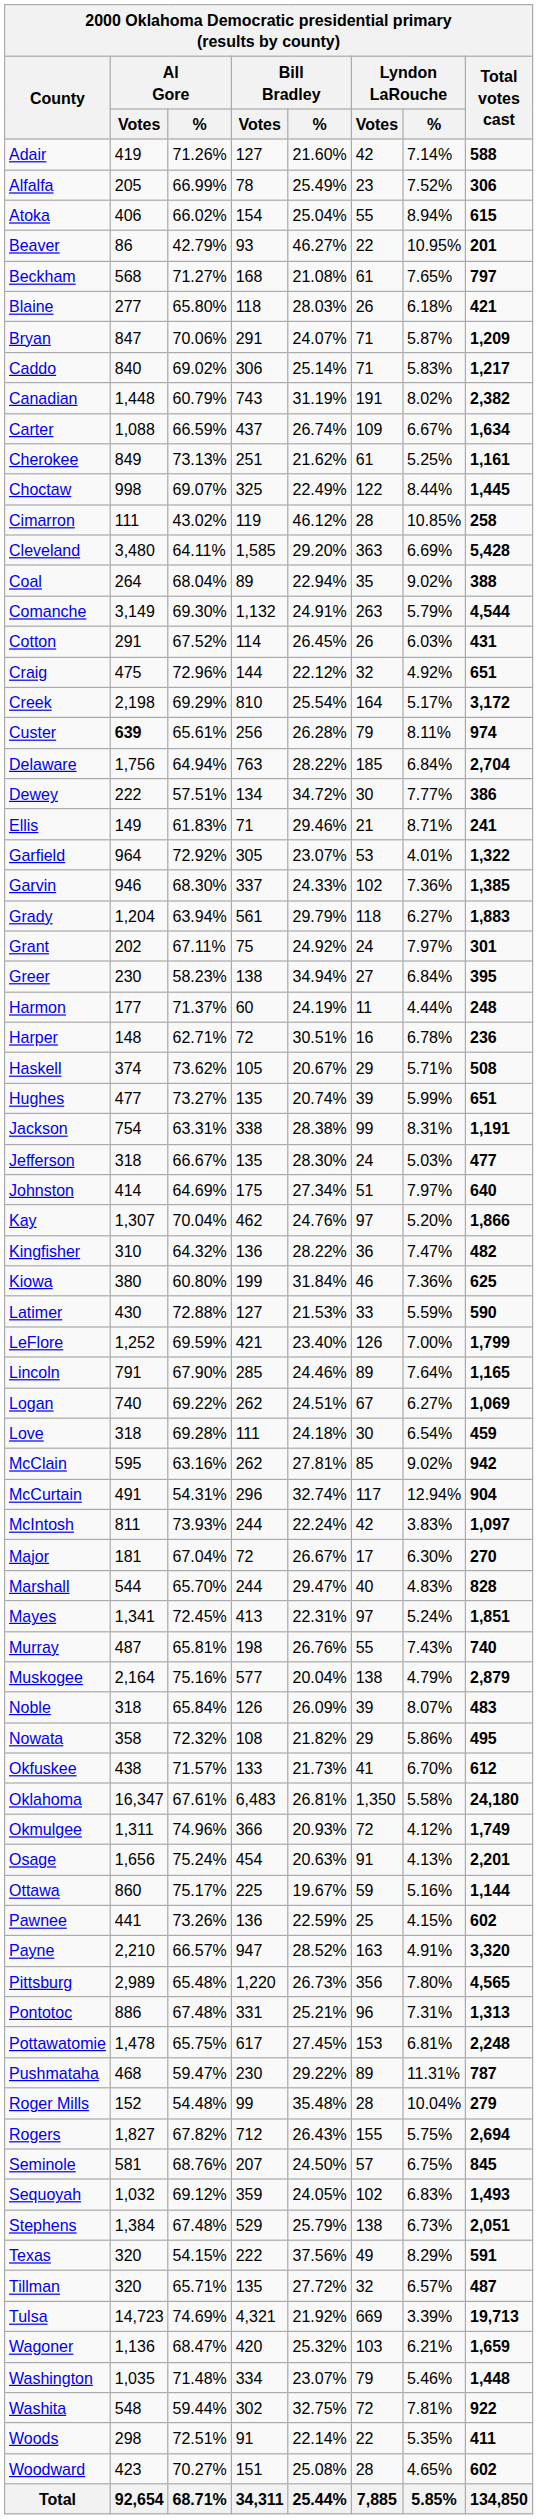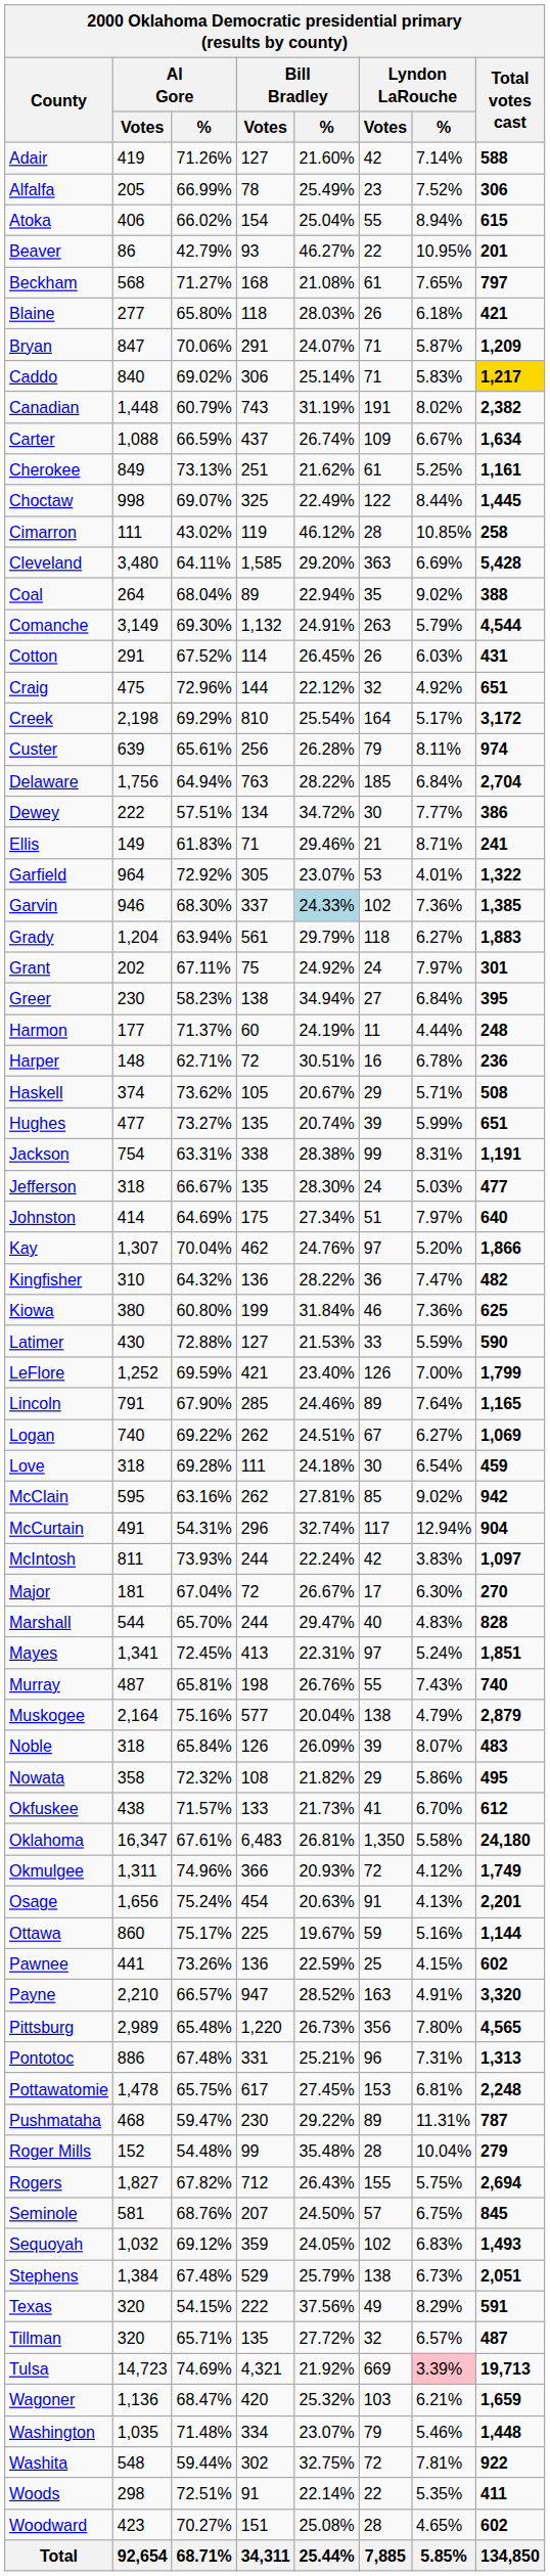 <table class="wikitable sortable mw-collapsible mw-collapsed">
 <tr>
 <th colspan="8"><small>2000 Oklahoma Democratic presidential primary<br>(results by county)</small></th>
 </tr>
 <tr>
 <th rowspan="2"><small>County</small></th>
 <th colspan="2"><small>Al<br>Gore</small></th>
 <th colspan="2"><small>Bill<br>Bradley</small></th>
 <th colspan="2"><small>Lyndon<br>LaRouche</small></th>
 <th rowspan="2"><small>Total<br>votes<br>cast</small></th>
 </tr>
 <tr>
 <th><small>Votes</small></th>
 <th><small>%</small></th>
 <th><small>Votes</small></th>
 <th><small>%</small></th>
 <th><small>Votes</small></th>
 <th><small>%</small></th>
 </tr>
 <tr>
 <td><small><a href='#'>Adair</a></small></td>
 <td><small>419</small></td>
 <td><small>71.26%</small></td>
 <td><small>127</small></td>
 <td><small>21.60%</small></td>
 <td><small>42</small></td>
 <td><small>7.14%</small></td>
 <td><strong><small>588</small></strong></td>
 </tr>
 <tr>
 <td><small><a href='#'>Alfalfa</a></small></td>
 <td><small>205</small></td>
 <td><small>66.99%</small></td>
 <td><small>78</small></td>
 <td><small>25.49%</small></td>
 <td><small>23</small></td>
 <td><small>7.52%</small></td>
 <td><strong><small>306</small></strong></td>
 </tr>
 <tr>
 <td><small><a href='#'>Atoka</a></small></td>
 <td><small>406</small></td>
 <td><small>66.02%</small></td>
 <td><small>154</small></td>
 <td><small>25.04%</small></td>
 <td><small>55</small></td>
 <td><small>8.94%</small></td>
 <td><strong><small>615</small></strong></td>
 </tr>
 <tr>
 <td><small><a href='#'>Beaver</a></small></td>
 <td><small>86</small></td>
 <td><small>42.79%</small></td>
 <td><small>93</small></td>
 <td><small>46.27%</small></td>
 <td><small>22</small></td>
 <td><small>10.95%</small></td>
 <td><strong><small>201</small></strong></td>
 </tr>
 <tr>
 <td><small><a href='#'>Beckham</a></small></td>
 <td><small>568</small></td>
 <td><small>71.27%</small></td>
 <td><small>168</small></td>
 <td><small>21.08%</small></td>
 <td><small>61</small></td>
 <td><small>7.65%</small></td>
 <td><strong><small>797</small></strong></td>
 </tr>
 <tr>
 <td><small><a href='#'>Blaine</a></small></td>
 <td><small>277</small></td>
 <td><small>65.80%</small></td>
 <td><small>118</small></td>
 <td><small>28.03%</small></td>
 <td><small>26</small></td>
 <td><small>6.18%</small></td>
 <td><strong><small>421</small></strong></td>
 </tr>
 <tr>
 <td><small><a href='#'>Bryan</a></small></td>
 <td><small>847</small></td>
 <td><small>70.06%</small></td>
 <td><small>291</small></td>
 <td><small>24.07%</small></td>
 <td><small>71</small></td>
 <td><small>5.87%</small></td>
 <td><strong><small>1,209</small></strong></td>
 </tr>
 <tr>
 <td><small><a href='#'>Caddo</a></small></td>
 <td><small>840</small></td>
 <td><small>69.02%</small></td>
 <td><small>306</small></td>
 <td><small>25.14%</small></td>
 <td><small>71</small></td>
 <td><small>5.83%</small></td>
-<td><strong><small>1,217</small></strong></td>
+<td style="background: gold;"><strong><small>1,217</small></strong></td>
 </tr>
 <tr>
 <td><small><a href='#'>Canadian</a></small></td>
 <td><small>1,448</small></td>
 <td><small>60.79%</small></td>
 <td><small>743</small></td>
 <td><small>31.19%</small></td>
 <td><small>191</small></td>
 <td><small>8.02%</small></td>
 <td><strong><small>2,382</small></strong></td>
 </tr>
 <tr>
 <td><small><a href='#'>Carter</a></small></td>
 <td><small>1,088</small></td>
 <td><small>66.59%</small></td>
 <td><small>437</small></td>
 <td><small>26.74%</small></td>
 <td><small>109</small></td>
 <td><small>6.67%</small></td>
 <td><strong><small>1,634</small></strong></td>
 </tr>
 <tr>
 <td><small><a href='#'>Cherokee</a></small></td>
 <td><small>849</small></td>
 <td><small>73.13%</small></td>
 <td><small>251</small></td>
 <td><small>21.62%</small></td>
 <td><small>61</small></td>
 <td><small>5.25%</small></td>
 <td><strong><small>1,161</small></strong></td>
 </tr>
 <tr>
 <td><small><a href='#'>Choctaw</a></small></td>
 <td><small>998</small></td>
 <td><small>69.07%</small></td>
 <td><small>325</small></td>
 <td><small>22.49%</small></td>
 <td><small>122</small></td>
 <td><small>8.44%</small></td>
 <td><strong><small>1,445</small></strong></td>
 </tr>
 <tr>
 <td><small><a href='#'>Cimarron</a></small></td>
 <td><small>111</small></td>
 <td><small>43.02%</small></td>
 <td><small>119</small></td>
 <td><small>46.12%</small></td>
 <td><small>28</small></td>
 <td><small>10.85%</small></td>
 <td><strong><small>258</small></strong></td>
 </tr>
 <tr>
 <td><small><a href='#'>Cleveland</a></small></td>
 <td><small>3,480</small></td>
 <td><small>64.11%</small></td>
 <td><small>1,585</small></td>
 <td><small>29.20%</small></td>
 <td><small>363</small></td>
 <td><small>6.69%</small></td>
 <td><strong><small>5,428</small></strong></td>
 </tr>
 <tr>
 <td><small><a href='#'>Coal</a></small></td>
 <td><small>264</small></td>
 <td><small>68.04%</small></td>
 <td><small>89</small></td>
 <td><small>22.94%</small></td>
 <td><small>35</small></td>
 <td><small>9.02%</small></td>
 <td><strong><small>388</small></strong></td>
 </tr>
 <tr>
 <td><small><a href='#'>Comanche</a></small></td>
 <td><small>3,149</small></td>
 <td><small>69.30%</small></td>
 <td><small>1,132</small></td>
 <td><small>24.91%</small></td>
 <td><small>263</small></td>
 <td><small>5.79%</small></td>
 <td><strong><small>4,544</small></strong></td>
 </tr>
 <tr>
 <td><small><a href='#'>Cotton</a></small></td>
 <td><small>291</small></td>
 <td><small>67.52%</small></td>
 <td><small>114</small></td>
 <td><small>26.45%</small></td>
 <td><small>26</small></td>
 <td><small>6.03%</small></td>
 <td><strong><small>431</small></strong></td>
 </tr>
 <tr>
 <td><small><a href='#'>Craig</a></small></td>
 <td><small>475</small></td>
 <td><small>72.96%</small></td>
 <td><small>144</small></td>
 <td><small>22.12%</small></td>
 <td><small>32</small></td>
 <td><small>4.92%</small></td>
 <td><strong><small>651</small></strong></td>
 </tr>
 <tr>
 <td><small><a href='#'>Creek</a></small></td>
 <td><small>2,198</small></td>
 <td><small>69.29%</small></td>
 <td><small>810</small></td>
 <td><small>25.54%</small></td>
 <td><small>164</small></td>
 <td><small>5.17%</small></td>
 <td><strong><small>3,172</small></strong></td>
 </tr>
 <tr>
 <td><small><a href='#'>Custer</a></small></td>
-<td><strong><small>639</small></strong></td>
+<td><small>639</small></td>
 <td><small>65.61%</small></td>
 <td><small>256</small></td>
 <td><small>26.28%</small></td>
 <td><small>79</small></td>
 <td><small>8.11%</small></td>
 <td><strong><small>974</small></strong></td>
 </tr>
 <tr>
 <td><small><a href='#'>Delaware</a></small></td>
 <td><small>1,756</small></td>
 <td><small>64.94%</small></td>
 <td><small>763</small></td>
 <td><small>28.22%</small></td>
 <td><small>185</small></td>
 <td><small>6.84%</small></td>
 <td><strong><small>2,704</small></strong></td>
 </tr>
 <tr>
 <td><small><a href='#'>Dewey</a></small></td>
 <td><small>222</small></td>
 <td><small>57.51%</small></td>
 <td><small>134</small></td>
 <td><small>34.72%</small></td>
 <td><small>30</small></td>
 <td><small>7.77%</small></td>
 <td><strong><small>386</small></strong></td>
 </tr>
 <tr>
 <td><small><a href='#'>Ellis</a></small></td>
 <td><small>149</small></td>
 <td><small>61.83%</small></td>
 <td><small>71</small></td>
 <td><small>29.46%</small></td>
 <td><small>21</small></td>
 <td><small>8.71%</small></td>
 <td><strong><small>241</small></strong></td>
 </tr>
 <tr>
 <td><small><a href='#'>Garfield</a></small></td>
 <td><small>964</small></td>
 <td><small>72.92%</small></td>
 <td><small>305</small></td>
 <td><small>23.07%</small></td>
 <td><small>53</small></td>
 <td><small>4.01%</small></td>
 <td><strong><small>1,322</small></strong></td>
 </tr>
 <tr>
 <td><small><a href='#'>Garvin</a></small></td>
 <td><small>946</small></td>
 <td><small>68.30%</small></td>
 <td><small>337</small></td>
-<td><small>24.33%</small></td>
+<td style="background: lightblue;"><small>24.33%</small></td>
 <td><small>102</small></td>
 <td><small>7.36%</small></td>
 <td><strong><small>1,385</small></strong></td>
 </tr>
 <tr>
 <td><small><a href='#'>Grady</a></small></td>
 <td><small>1,204</small></td>
 <td><small>63.94%</small></td>
 <td><small>561</small></td>
 <td><small>29.79%</small></td>
 <td><small>118</small></td>
 <td><small>6.27%</small></td>
 <td><strong><small>1,883</small></strong></td>
 </tr>
 <tr>
 <td><small><a href='#'>Grant</a></small></td>
 <td><small>202</small></td>
 <td><small>67.11%</small></td>
 <td><small>75</small></td>
 <td><small>24.92%</small></td>
 <td><small>24</small></td>
 <td><small>7.97%</small></td>
 <td><strong><small>301</small></strong></td>
 </tr>
 <tr>
 <td><small><a href='#'>Greer</a></small></td>
 <td><small>230</small></td>
 <td><small>58.23%</small></td>
 <td><small>138</small></td>
 <td><small>34.94%</small></td>
 <td><small>27</small></td>
 <td><small>6.84%</small></td>
 <td><strong><small>395</small></strong></td>
 </tr>
 <tr>
 <td><small><a href='#'>Harmon</a></small></td>
 <td><small>177</small></td>
 <td><small>71.37%</small></td>
 <td><small>60</small></td>
 <td><small>24.19%</small></td>
 <td><small>11</small></td>
 <td><small>4.44%</small></td>
 <td><strong><small>248</small></strong></td>
 </tr>
 <tr>
 <td><small><a href='#'>Harper</a></small></td>
 <td><small>148</small></td>
 <td><small>62.71%</small></td>
 <td><small>72</small></td>
 <td><small>30.51%</small></td>
 <td><small>16</small></td>
 <td><small>6.78%</small></td>
 <td><strong><small>236</small></strong></td>
 </tr>
 <tr>
 <td><small><a href='#'>Haskell</a></small></td>
 <td><small>374</small></td>
 <td><small>73.62%</small></td>
 <td><small>105</small></td>
 <td><small>20.67%</small></td>
 <td><small>29</small></td>
 <td><small>5.71%</small></td>
 <td><strong><small>508</small></strong></td>
 </tr>
 <tr>
 <td><small><a href='#'>Hughes</a></small></td>
 <td><small>477</small></td>
 <td><small>73.27%</small></td>
 <td><small>135</small></td>
 <td><small>20.74%</small></td>
 <td><small>39</small></td>
 <td><small>5.99%</small></td>
 <td><strong><small>651</small></strong></td>
 </tr>
 <tr>
 <td><small><a href='#'>Jackson</a></small></td>
 <td><small>754</small></td>
 <td><small>63.31%</small></td>
 <td><small>338</small></td>
 <td><small>28.38%</small></td>
 <td><small>99</small></td>
 <td><small>8.31%</small></td>
 <td><strong><small>1,191</small></strong></td>
 </tr>
 <tr>
 <td><small><a href='#'>Jefferson</a></small></td>
 <td><small>318</small></td>
 <td><small>66.67%</small></td>
 <td><small>135</small></td>
 <td><small>28.30%</small></td>
 <td><small>24</small></td>
 <td><small>5.03%</small></td>
 <td><strong><small>477</small></strong></td>
 </tr>
 <tr>
 <td><small><a href='#'>Johnston</a></small></td>
 <td><small>414</small></td>
 <td><small>64.69%</small></td>
 <td><small>175</small></td>
 <td><small>27.34%</small></td>
 <td><small>51</small></td>
 <td><small>7.97%</small></td>
 <td><strong><small>640</small></strong></td>
 </tr>
 <tr>
 <td><small><a href='#'>Kay</a></small></td>
 <td><small>1,307</small></td>
 <td><small>70.04%</small></td>
 <td><small>462</small></td>
 <td><small>24.76%</small></td>
 <td><small>97</small></td>
 <td><small>5.20%</small></td>
 <td><strong><small>1,866</small></strong></td>
 </tr>
 <tr>
 <td><small><a href='#'>Kingfisher</a></small></td>
 <td><small>310</small></td>
 <td><small>64.32%</small></td>
 <td><small>136</small></td>
 <td><small>28.22%</small></td>
 <td><small>36</small></td>
 <td><small>7.47%</small></td>
 <td><strong><small>482</small></strong></td>
 </tr>
 <tr>
 <td><small><a href='#'>Kiowa</a></small></td>
 <td><small>380</small></td>
 <td><small>60.80%</small></td>
 <td><small>199</small></td>
 <td><small>31.84%</small></td>
 <td><small>46</small></td>
 <td><small>7.36%</small></td>
 <td><strong><small>625</small></strong></td>
 </tr>
 <tr>
 <td><small><a href='#'>Latimer</a></small></td>
 <td><small>430</small></td>
 <td><small>72.88%</small></td>
 <td><small>127</small></td>
 <td><small>21.53%</small></td>
 <td><small>33</small></td>
 <td><small>5.59%</small></td>
 <td><strong><small>590</small></strong></td>
 </tr>
 <tr>
 <td><small><a href='#'>LeFlore</a></small></td>
 <td><small>1,252</small></td>
 <td><small>69.59%</small></td>
 <td><small>421</small></td>
 <td><small>23.40%</small></td>
 <td><small>126</small></td>
 <td><small>7.00%</small></td>
 <td><strong><small>1,799</small></strong></td>
 </tr>
 <tr>
 <td><small><a href='#'>Lincoln</a></small></td>
 <td><small>791</small></td>
 <td><small>67.90%</small></td>
 <td><small>285</small></td>
 <td><small>24.46%</small></td>
 <td><small>89</small></td>
 <td><small>7.64%</small></td>
 <td><strong><small>1,165</small></strong></td>
 </tr>
 <tr>
 <td><small><a href='#'>Logan</a></small></td>
 <td><small>740</small></td>
 <td><small>69.22%</small></td>
 <td><small>262</small></td>
 <td><small>24.51%</small></td>
 <td><small>67</small></td>
 <td><small>6.27%</small></td>
 <td><strong><small>1,069</small></strong></td>
 </tr>
 <tr>
 <td><small><a href='#'>Love</a></small></td>
 <td><small>318</small></td>
 <td><small>69.28%</small></td>
 <td><small>111</small></td>
 <td><small>24.18%</small></td>
 <td><small>30</small></td>
 <td><small>6.54%</small></td>
 <td><strong><small>459</small></strong></td>
 </tr>
 <tr>
 <td><small><a href='#'>McClain</a></small></td>
 <td><small>595</small></td>
 <td><small>63.16%</small></td>
 <td><small>262</small></td>
 <td><small>27.81%</small></td>
 <td><small>85</small></td>
 <td><small>9.02%</small></td>
 <td><strong><small>942</small></strong></td>
 </tr>
 <tr>
 <td><small><a href='#'>McCurtain</a></small></td>
 <td><small>491</small></td>
 <td><small>54.31%</small></td>
 <td><small>296</small></td>
 <td><small>32.74%</small></td>
 <td><small>117</small></td>
 <td><small>12.94%</small></td>
 <td><strong><small>904</small></strong></td>
 </tr>
 <tr>
 <td><small><a href='#'>McIntosh</a></small></td>
 <td><small>811</small></td>
 <td><small>73.93%</small></td>
 <td><small>244</small></td>
 <td><small>22.24%</small></td>
 <td><small>42</small></td>
 <td><small>3.83%</small></td>
 <td><strong><small>1,097</small></strong></td>
 </tr>
 <tr>
 <td><small><a href='#'>Major</a></small></td>
 <td><small>181</small></td>
 <td><small>67.04%</small></td>
 <td><small>72</small></td>
 <td><small>26.67%</small></td>
 <td><small>17</small></td>
 <td><small>6.30%</small></td>
 <td><strong><small>270</small></strong></td>
 </tr>
 <tr>
 <td><small><a href='#'>Marshall</a></small></td>
 <td><small>544</small></td>
 <td><small>65.70%</small></td>
 <td><small>244</small></td>
 <td><small>29.47%</small></td>
 <td><small>40</small></td>
 <td><small>4.83%</small></td>
 <td><strong><small>828</small></strong></td>
 </tr>
 <tr>
 <td><small><a href='#'>Mayes</a></small></td>
 <td><small>1,341</small></td>
 <td><small>72.45%</small></td>
 <td><small>413</small></td>
 <td><small>22.31%</small></td>
 <td><small>97</small></td>
 <td><small>5.24%</small></td>
 <td><strong><small>1,851</small></strong></td>
 </tr>
 <tr>
 <td><small><a href='#'>Murray</a></small></td>
 <td><small>487</small></td>
 <td><small>65.81%</small></td>
 <td><small>198</small></td>
 <td><small>26.76%</small></td>
 <td><small>55</small></td>
 <td><small>7.43%</small></td>
 <td><strong><small>740</small></strong></td>
 </tr>
 <tr>
 <td><small><a href='#'>Muskogee</a></small></td>
 <td><small>2,164</small></td>
 <td><small>75.16%</small></td>
 <td><small>577</small></td>
 <td><small>20.04%</small></td>
 <td><small>138</small></td>
 <td><small>4.79%</small></td>
 <td><strong><small>2,879</small></strong></td>
 </tr>
 <tr>
 <td><small><a href='#'>Noble</a></small></td>
 <td><small>318</small></td>
 <td><small>65.84%</small></td>
 <td><small>126</small></td>
 <td><small>26.09%</small></td>
 <td><small>39</small></td>
 <td><small>8.07%</small></td>
 <td><strong><small>483</small></strong></td>
 </tr>
 <tr>
 <td><small><a href='#'>Nowata</a></small></td>
 <td><small>358</small></td>
 <td><small>72.32%</small></td>
 <td><small>108</small></td>
 <td><small>21.82%</small></td>
 <td><small>29</small></td>
 <td><small>5.86%</small></td>
 <td><strong><small>495</small></strong></td>
 </tr>
 <tr>
 <td><small><a href='#'>Okfuskee</a></small></td>
 <td><small>438</small></td>
 <td><small>71.57%</small></td>
 <td><small>133</small></td>
 <td><small>21.73%</small></td>
 <td><small>41</small></td>
 <td><small>6.70%</small></td>
 <td><strong><small>612</small></strong></td>
 </tr>
 <tr>
 <td><small><a href='#'>Oklahoma</a></small></td>
 <td><small>16,347</small></td>
 <td><small>67.61%</small></td>
 <td><small>6,483</small></td>
 <td><small>26.81%</small></td>
 <td><small>1,350</small></td>
 <td><small>5.58%</small></td>
 <td><strong><small>24,180</small></strong></td>
 </tr>
 <tr>
 <td><small><a href='#'>Okmulgee</a></small></td>
 <td><small>1,311</small></td>
 <td><small>74.96%</small></td>
 <td><small>366</small></td>
 <td><small>20.93%</small></td>
 <td><small>72</small></td>
 <td><small>4.12%</small></td>
 <td><strong><small>1,749</small></strong></td>
 </tr>
 <tr>
 <td><small><a href='#'>Osage</a></small></td>
 <td><small>1,656</small></td>
 <td><small>75.24%</small></td>
 <td><small>454</small></td>
 <td><small>20.63%</small></td>
 <td><small>91</small></td>
 <td><small>4.13%</small></td>
 <td><strong><small>2,201</small></strong></td>
 </tr>
 <tr>
 <td><small><a href='#'>Ottawa</a></small></td>
 <td><small>860</small></td>
 <td><small>75.17%</small></td>
 <td><small>225</small></td>
 <td><small>19.67%</small></td>
 <td><small>59</small></td>
 <td><small>5.16%</small></td>
 <td><strong><small>1,144</small></strong></td>
 </tr>
 <tr>
 <td><small><a href='#'>Pawnee</a></small></td>
 <td><small>441</small></td>
 <td><small>73.26%</small></td>
 <td><small>136</small></td>
 <td><small>22.59%</small></td>
 <td><small>25</small></td>
 <td><small>4.15%</small></td>
 <td><strong><small>602</small></strong></td>
 </tr>
 <tr>
 <td><small><a href='#'>Payne</a></small></td>
 <td><small>2,210</small></td>
 <td><small>66.57%</small></td>
 <td><small>947</small></td>
 <td><small>28.52%</small></td>
 <td><small>163</small></td>
 <td><small>4.91%</small></td>
 <td><strong><small>3,320</small></strong></td>
 </tr>
 <tr>
 <td><small><a href='#'>Pittsburg</a></small></td>
 <td><small>2,989</small></td>
 <td><small>65.48%</small></td>
 <td><small>1,220</small></td>
 <td><small>26.73%</small></td>
 <td><small>356</small></td>
 <td><small>7.80%</small></td>
 <td><strong><small>4,565</small></strong></td>
 </tr>
 <tr>
 <td><small><a href='#'>Pontotoc</a></small></td>
 <td><small>886</small></td>
 <td><small>67.48%</small></td>
 <td><small>331</small></td>
 <td><small>25.21%</small></td>
 <td><small>96</small></td>
 <td><small>7.31%</small></td>
 <td><strong><small>1,313</small></strong></td>
 </tr>
 <tr>
 <td><small><a href='#'>Pottawatomie</a></small></td>
 <td><small>1,478</small></td>
 <td><small>65.75%</small></td>
 <td><small>617</small></td>
 <td><small>27.45%</small></td>
 <td><small>153</small></td>
 <td><small>6.81%</small></td>
 <td><strong><small>2,248</small></strong></td>
 </tr>
 <tr>
 <td><small><a href='#'>Pushmataha</a></small></td>
 <td><small>468</small></td>
 <td><small>59.47%</small></td>
 <td><small>230</small></td>
 <td><small>29.22%</small></td>
 <td><small>89</small></td>
 <td><small>11.31%</small></td>
 <td><strong><small>787</small></strong></td>
 </tr>
 <tr>
 <td><small><a href='#'>Roger Mills</a></small></td>
 <td><small>152</small></td>
 <td><small>54.48%</small></td>
 <td><small>99</small></td>
 <td><small>35.48%</small></td>
 <td><small>28</small></td>
 <td><small>10.04%</small></td>
 <td><strong><small>279</small></strong></td>
 </tr>
 <tr>
 <td><small><a href='#'>Rogers</a></small></td>
 <td><small>1,827</small></td>
 <td><small>67.82%</small></td>
 <td><small>712</small></td>
 <td><small>26.43%</small></td>
 <td><small>155</small></td>
 <td><small>5.75%</small></td>
 <td><strong><small>2,694</small></strong></td>
 </tr>
 <tr>
 <td><small><a href='#'>Seminole</a></small></td>
 <td><small>581</small></td>
 <td><small>68.76%</small></td>
 <td><small>207</small></td>
 <td><small>24.50%</small></td>
 <td><small>57</small></td>
 <td><small>6.75%</small></td>
 <td><strong><small>845</small></strong></td>
 </tr>
 <tr>
 <td><small><a href='#'>Sequoyah</a></small></td>
 <td><small>1,032</small></td>
 <td><small>69.12%</small></td>
 <td><small>359</small></td>
 <td><small>24.05%</small></td>
 <td><small>102</small></td>
 <td><small>6.83%</small></td>
 <td><strong><small>1,493</small></strong></td>
 </tr>
 <tr>
 <td><small><a href='#'>Stephens</a></small></td>
 <td><small>1,384</small></td>
 <td><small>67.48%</small></td>
 <td><small>529</small></td>
 <td><small>25.79%</small></td>
 <td><small>138</small></td>
 <td><small>6.73%</small></td>
 <td><strong><small>2,051</small></strong></td>
 </tr>
 <tr>
 <td><small><a href='#'>Texas</a></small></td>
 <td><small>320</small></td>
 <td><small>54.15%</small></td>
 <td><small>222</small></td>
 <td><small>37.56%</small></td>
 <td><small>49</small></td>
 <td><small>8.29%</small></td>
 <td><strong><small>591</small></strong></td>
 </tr>
 <tr>
 <td><small><a href='#'>Tillman</a></small></td>
 <td><small>320</small></td>
 <td><small>65.71%</small></td>
 <td><small>135</small></td>
 <td><small>27.72%</small></td>
 <td><small>32</small></td>
 <td><small>6.57%</small></td>
 <td><strong><small>487</small></strong></td>
 </tr>
 <tr>
 <td><small><a href='#'>Tulsa</a></small></td>
 <td><small>14,723</small></td>
 <td><small>74.69%</small></td>
 <td><small>4,321</small></td>
 <td><small>21.92%</small></td>
 <td><small>669</small></td>
-<td><small>3.39%</small></td>
+<td style="background: pink;"><small>3.39%</small></td>
 <td><strong><small>19,713</small></strong></td>
 </tr>
 <tr>
 <td><small><a href='#'>Wagoner</a></small></td>
 <td><small>1,136</small></td>
 <td><small>68.47%</small></td>
 <td><small>420</small></td>
 <td><small>25.32%</small></td>
 <td><small>103</small></td>
 <td><small>6.21%</small></td>
 <td><strong><small>1,659</small></strong></td>
 </tr>
 <tr>
 <td><small><a href='#'>Washington</a></small></td>
 <td><small>1,035</small></td>
 <td><small>71.48%</small></td>
 <td><small>334</small></td>
 <td><small>23.07%</small></td>
 <td><small>79</small></td>
 <td><small>5.46%</small></td>
 <td><strong><small>1,448</small></strong></td>
 </tr>
 <tr>
 <td><small><a href='#'>Washita</a></small></td>
 <td><small>548</small></td>
 <td><small>59.44%</small></td>
 <td><small>302</small></td>
 <td><small>32.75%</small></td>
 <td><small>72</small></td>
 <td><small>7.81%</small></td>
 <td><strong><small>922</small></strong></td>
 </tr>
 <tr>
 <td><small><a href='#'>Woods</a></small></td>
 <td><small>298</small></td>
 <td><small>72.51%</small></td>
 <td><small>91</small></td>
 <td><small>22.14%</small></td>
 <td><small>22</small></td>
 <td><small>5.35%</small></td>
 <td><strong><small>411</small></strong></td>
 </tr>
 <tr>
 <td><small><a href='#'>Woodward</a></small></td>
 <td><small>423</small></td>
 <td><small>70.27%</small></td>
 <td><small>151</small></td>
 <td><small>25.08%</small></td>
 <td><small>28</small></td>
 <td><small>4.65%</small></td>
 <td><strong><small>602</small></strong></td>
 </tr>
 <tr>
 <th><strong><small>Total</small></strong></th>
 <th><strong><small>92,654</small></strong></th>
 <th><strong><small>68.71%</small></strong></th>
 <th><strong><small>34,311</small></strong></th>
 <th><strong><small>25.44%</small></strong></th>
 <th><strong><small>7,885</small></strong></th>
 <th><strong><small>5.85%</small></strong></th>
 <th><strong><small>134,850</small></strong></th>
 </tr>
 </table>
